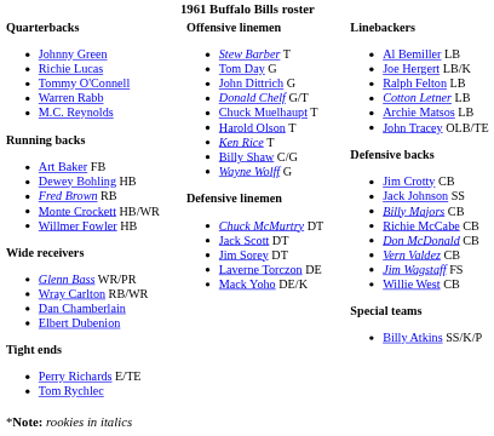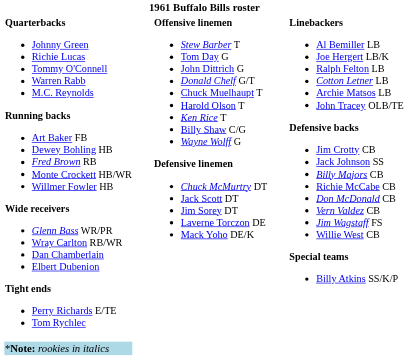 <table class="toccolours" style="text-align: left;">
 <tr>
 <th colspan="7" style="text-align:center; ">1961 Buffalo Bills roster</th>
 </tr>
 <tr>
 <td style="font-size: 95%;" valign="top"><strong>Quarterbacks</strong><br><ul><li> <a href='#'>Johnny Green</a></li><li> <a href='#'>Richie Lucas</a></li><li> <a href='#'>Tommy O'Connell</a></li><li> <a href='#'>Warren Rabb</a></li><li> <a href='#'>M.C. Reynolds</a></li></ul><strong>Running backs</strong><ul><li> <a href='#'>Art Baker</a> FB</li><li> <a href='#'>Dewey Bohling</a> HB</li><li> <em><a href='#'>Fred Brown</a></em> RB</li><li> <a href='#'>Monte Crockett</a> HB/WR</li><li> <a href='#'>Willmer Fowler</a> HB</li></ul><strong>Wide receivers</strong><ul><li> <em><a href='#'>Glenn Bass</a></em> WR/PR</li><li> <a href='#'>Wray Carlton</a> RB/WR</li><li> <a href='#'>Dan Chamberlain</a></li><li> <a href='#'>Elbert Dubenion</a></li></ul><strong>Tight ends</strong><ul><li> <a href='#'>Perry Richards</a> E/TE</li><li> <a href='#'>Tom Rychlec</a></li></ul></td>
 <td style="width:25px"></td>
 <td style="font-size:95%;" valign="top"><strong>Offensive linemen</strong><br><ul><li> <em><a href='#'>Stew Barber</a></em> T</li><li> <a href='#'>Tom Day</a> G</li><li> <a href='#'>John Dittrich</a> G</li><li> <em><a href='#'>Donald Chelf</a></em> G/T</li><li> <a href='#'>Chuck Muelhaupt</a> T</li><li> <a href='#'>Harold Olson</a> T</li><li> <em><a href='#'>Ken Rice</a></em> T</li><li> <a href='#'>Billy Shaw</a> C/G</li><li> <em><a href='#'>Wayne Wolff</a></em> G</li></ul><strong>Defensive linemen</strong><ul><li> <em><a href='#'>Chuck McMurtry</a></em> DT</li><li> <a href='#'>Jack Scott</a> DT</li><li> <a href='#'>Jim Sorey</a> DT</li><li> <a href='#'>Laverne Torczon</a> DE</li><li> <a href='#'>Mack Yoho</a> DE/K</li></ul></td>
 <td style="width:25px;"></td>
 <td style="font-size: 95%" valign="top"><strong>Linebackers</strong><br><ul><li> <a href='#'>Al Bemiller</a> LB</li><li> <a href='#'>Joe Hergert</a> LB/K</li><li> <a href='#'>Ralph Felton</a> LB</li><li> <em><a href='#'>Cotton Letner</a></em> LB</li><li> <a href='#'>Archie Matsos</a> LB</li><li> <a href='#'>John Tracey</a> OLB/TE</li></ul><strong>Defensive backs</strong><ul><li> <a href='#'>Jim Crotty</a> CB</li><li> <a href='#'>Jack Johnson</a> SS</li><li> <em><a href='#'>Billy Majors</a></em> CB</li><li> <a href='#'>Richie McCabe</a> CB</li><li> <em><a href='#'>Don McDonald</a></em> CB</li><li> <em><a href='#'>Vern Valdez</a></em> CB</li><li> <em><a href='#'>Jim Wagstaff</a></em> FS</li><li> <a href='#'>Willie West</a> CB</li></ul><strong>Special teams</strong><ul><li> <a href='#'>Billy Atkins</a> SS/K/P</li></ul></td>
 </tr>
 <tr>
-<td>*<strong>Note:</strong> <em>rookies in italics</em></td>
+<td style="background: lightblue;">*<strong>Note:</strong> <em>rookies in italics</em></td>
 </tr>
 </table>
